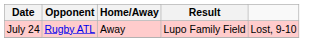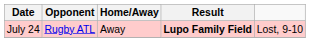 <table class="wikitable">
 <tr>
 <th>Date</th>
 <th>Opponent</th>
 <th>Home/Away</th>
 <th>Result</th>
 </tr>
 <tr bgcolor=FFCCCC>
 <td>July 24</td>
 <td><a href='#'>Rugby ATL</a></td>
 <td>Away</td>
-<td>Lupo Family Field</td>
+<td><strong>Lupo Family Field</strong></td>
 <td>Lost, 9-10</td>
 </tr>
 <tr>
 </tr>
 </table>
